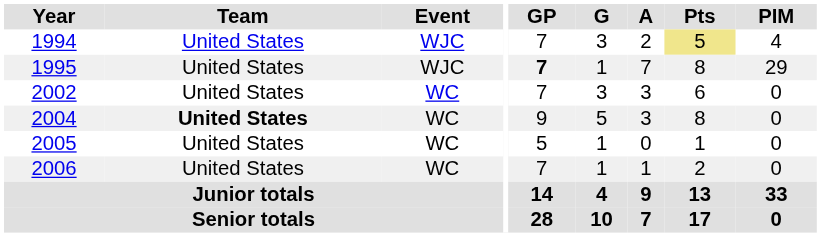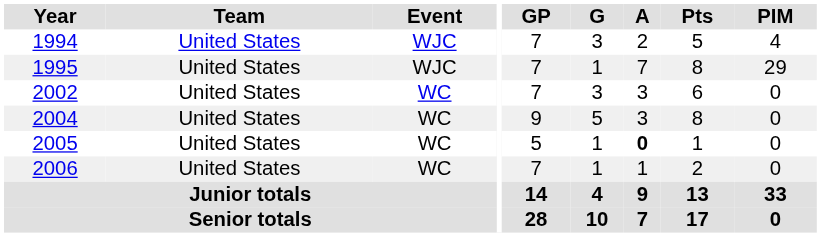 <table border="0" cellpadding="1" cellspacing="0" ID="Table3" style="text-align:center; width:40em">
 <tr ALIGN="center" bgcolor="#e0e0e0">
 <th>Year</th>
 <th>Team</th>
 <th>Event</th>
 <th rowspan="99" bgcolor="#ffffff"></th>
 <th>GP</th>
 <th>G</th>
 <th>A</th>
 <th>Pts</th>
 <th>PIM</th>
 </tr>
 <tr ALIGN="center">
 <td><a href='#'>1994</a></td>
 <td><a href='#'>United States</a></td>
 <td><a href='#'>WJC</a></td>
 <td>7</td>
 <td>3</td>
 <td>2</td>
-<td style="background: khaki;">5</td>
+<td>5</td>
 <td>4</td>
 </tr>
 <tr ALIGN="center" bgcolor="#f0f0f0">
 <td><a href='#'>1995</a></td>
 <td>United States</td>
 <td>WJC</td>
-<td><strong>7</strong></td>
+<td>7</td>
 <td>1</td>
 <td>7</td>
 <td>8</td>
 <td>29</td>
 </tr>
 <tr ALIGN="center">
 <td><a href='#'>2002</a></td>
 <td>United States</td>
 <td><a href='#'>WC</a></td>
 <td>7</td>
 <td>3</td>
 <td>3</td>
 <td>6</td>
 <td>0</td>
 </tr>
 <tr ALIGN="center" bgcolor="#f0f0f0">
 <td><a href='#'>2004</a></td>
-<td><strong>United States</strong></td>
+<td>United States</td>
 <td>WC</td>
 <td>9</td>
 <td>5</td>
 <td>3</td>
 <td>8</td>
 <td>0</td>
 </tr>
 <tr ALIGN="center">
 <td><a href='#'>2005</a></td>
 <td>United States</td>
 <td>WC</td>
 <td>5</td>
 <td>1</td>
-<td>0</td>
+<td><strong>0</strong></td>
 <td>1</td>
 <td>0</td>
 </tr>
 <tr ALIGN="center" bgcolor="#f0f0f0">
 <td><a href='#'>2006</a></td>
 <td>United States</td>
 <td>WC</td>
 <td>7</td>
 <td>1</td>
 <td>1</td>
 <td>2</td>
 <td>0</td>
 </tr>
 <tr bgcolor="#e0e0e0">
 <th colspan="3">Junior totals</th>
 <th>14</th>
 <th>4</th>
 <th>9</th>
 <th>13</th>
 <th>33</th>
 </tr>
 <tr bgcolor="#e0e0e0">
 <th colspan="3">Senior totals</th>
 <th>28</th>
 <th>10</th>
 <th>7</th>
 <th>17</th>
 <th>0</th>
 </tr>
 </table>
